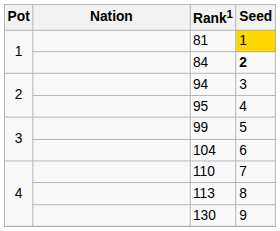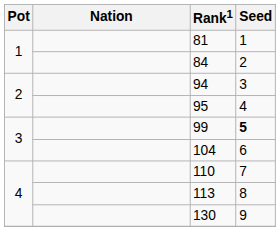 <table class="wikitable">
 <tr>
 <th>Pot</th>
 <th width="175">Nation</th>
 <th>Rank<sup>1</sup></th>
 <th>Seed</th>
 </tr>
 <tr>
 <td rowspan=2 style="text-align:center;">1</td>
 <td></td>
 <td>81</td>
-<td style="background: gold;">1</td>
+<td>1</td>
 </tr>
 <tr>
 <td></td>
 <td>84</td>
-<td><strong>2</strong></td>
+<td>2</td>
 </tr>
 <tr>
 <td rowspan=2 style="text-align:center;">2</td>
 <td></td>
 <td>94</td>
 <td>3</td>
 </tr>
 <tr>
 <td></td>
 <td>95</td>
 <td>4</td>
 </tr>
 <tr>
 <td rowspan=2 style="text-align:center;">3</td>
 <td></td>
 <td>99</td>
-<td>5</td>
+<td><strong>5</strong></td>
 </tr>
 <tr>
 <td></td>
 <td>104</td>
 <td>6</td>
 </tr>
 <tr>
 <td rowspan=3 style="text-align:center;">4</td>
 <td></td>
 <td>110</td>
 <td>7</td>
 </tr>
 <tr>
 <td></td>
 <td>113</td>
 <td>8</td>
 </tr>
 <tr>
 <td></td>
 <td>130</td>
 <td>9</td>
 </tr>
 <tr>
 </tr>
 </table>
